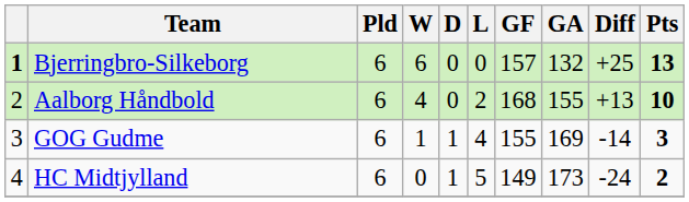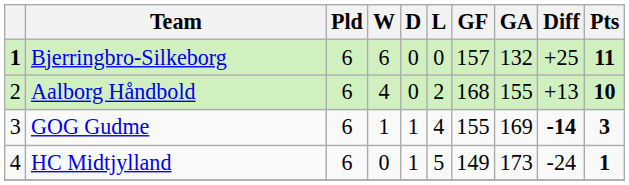 <table class="wikitable sortable" style="text-align:center">
 <tr>
 <th></th>
 <th width="210">Team</th>
 <th>Pld</th>
 <th>W</th>
 <th>D</th>
 <th>L</th>
 <th>GF</th>
 <th>GA</th>
 <th>Diff</th>
 <th>Pts</th>
 </tr>
 <tr style="background: #D0F0C0;">
 <td><strong>1</strong></td>
 <td align=left><a href='#'>Bjerringbro-Silkeborg</a></td>
 <td>6</td>
 <td>6</td>
 <td>0</td>
 <td>0</td>
 <td>157</td>
 <td>132</td>
 <td>+25</td>
-<td><strong>13</strong></td>
+<td><strong>11</strong></td>
 </tr>
 <tr style="background: #D0F0C0;">
 <td>2</td>
 <td align=left><a href='#'>Aalborg Håndbold</a></td>
 <td>6</td>
 <td>4</td>
 <td>0</td>
 <td>2</td>
 <td>168</td>
 <td>155</td>
 <td>+13</td>
 <td><strong>10</strong></td>
 </tr>
 <tr style="background:">
 <td>3</td>
 <td align=left><a href='#'>GOG Gudme</a></td>
 <td>6</td>
 <td>1</td>
 <td>1</td>
 <td>4</td>
 <td>155</td>
 <td>169</td>
-<td>-14</td>
+<td><strong>-14</strong></td>
 <td><strong>3</strong></td>
 </tr>
 <tr style="background:">
 <td>4</td>
 <td align=left><a href='#'>HC Midtjylland</a></td>
 <td>6</td>
 <td>0</td>
 <td>1</td>
 <td>5</td>
 <td>149</td>
 <td>173</td>
 <td>-24</td>
-<td><strong>2</strong></td>
+<td><strong>1</strong></td>
 </tr>
 <tr style="background:">
 </tr>
 </table>
